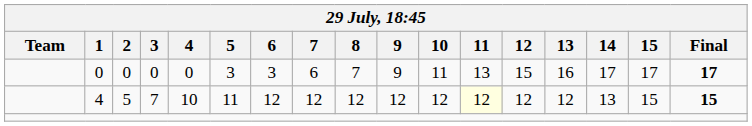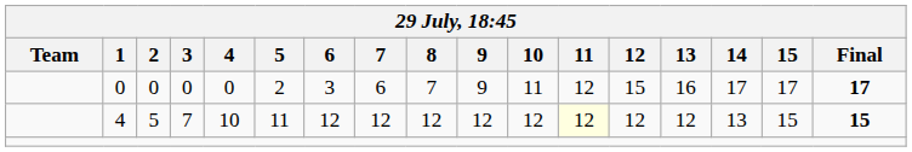 <table class=wikitable style="text-align:center; width: 55%">
 <tr>
 <th colspan=17><em>29 July, 18:45</em></th>
 </tr>
 <tr>
 <th>Team</th>
 <th>1</th>
 <th>2</th>
 <th>3</th>
 <th>4</th>
 <th>5</th>
 <th>6</th>
 <th>7</th>
 <th>8</th>
 <th>9</th>
 <th>10</th>
 <th>11</th>
 <th>12</th>
 <th>13</th>
 <th>14</th>
 <th>15</th>
 <th>Final</th>
 </tr>
 <tr>
 <td align=left><strong></strong></td>
 <td>0</td>
 <td>0</td>
 <td>0</td>
 <td>0</td>
-<td>3</td>
+<td>2</td>
 <td>3</td>
 <td>6</td>
 <td>7</td>
 <td>9</td>
 <td>11</td>
-<td>13</td>
+<td>12</td>
 <td>15</td>
 <td>16</td>
 <td>17</td>
 <td>17</td>
 <td><strong>17</strong></td>
 </tr>
 <tr>
 <td align=left></td>
 <td>4</td>
 <td>5</td>
 <td>7</td>
 <td>10</td>
 <td>11</td>
 <td>12</td>
 <td>12</td>
 <td>12</td>
 <td>12</td>
 <td>12</td>
 <td style="background: lightyellow;">12</td>
 <td>12</td>
 <td>12</td>
 <td>13</td>
 <td>15</td>
 <td><strong>15</strong></td>
 </tr>
 <tr>
 <td colspan=17></td>
 </tr>
 </table>
